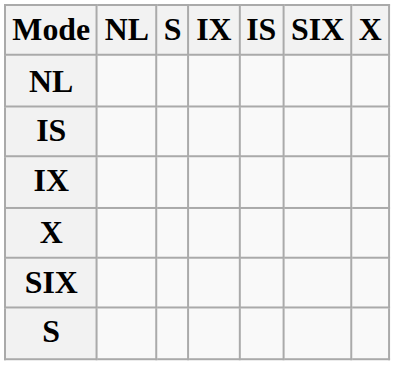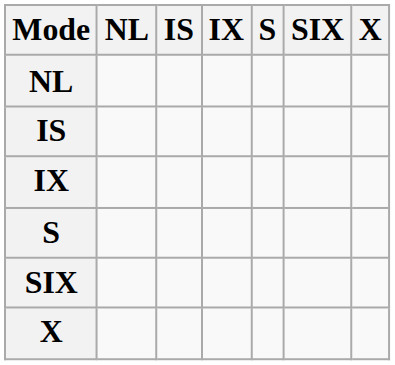 <table class="wikitable">
 <tr>
 <th>Mode</th>
 <th>NL</th>
+<th>IS</th>
+<th>IX</th>
 <th>S</th>
-<th>IX</th>
-<th>IS</th>
 <th>SIX</th>
 <th>X</th>
 </tr>
 <tr>
 <th>NL</th>
 <td></td>
 <td></td>
 <td></td>
 <td></td>
 <td></td>
 <td></td>
 </tr>
 <tr>
 <th>IS</th>
 <td></td>
 <td></td>
 <td></td>
 <td></td>
 <td></td>
 <td></td>
 </tr>
 <tr>
 <th>IX</th>
 <td></td>
 <td></td>
 <td></td>
 <td></td>
 <td></td>
 <td></td>
 </tr>
 <tr>
-<th>X</th>
+<th>S</th>
 <td></td>
 <td></td>
 <td></td>
 <td></td>
 <td></td>
 <td></td>
 </tr>
 <tr>
 <th>SIX</th>
 <td></td>
 <td></td>
 <td></td>
 <td></td>
 <td></td>
 <td></td>
 </tr>
 <tr>
-<th>S</th>
+<th>X</th>
 <td></td>
 <td></td>
 <td></td>
 <td></td>
 <td></td>
 <td></td>
 </tr>
 </table>
